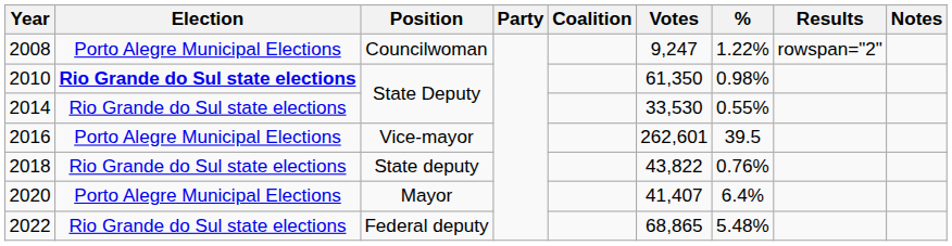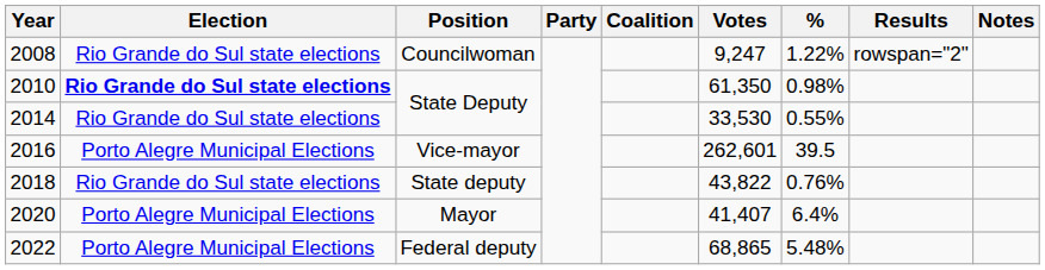 <table class="wikitable" style="text-align:center">
 <tr>
 <th>Year</th>
 <th>Election</th>
 <th>Position</th>
 <th>Party</th>
 <th>Coalition</th>
 <th>Votes</th>
 <th>%</th>
 <th>Results</th>
 <th>Notes</th>
 </tr>
 <tr>
 <td>2008</td>
-<td><a href='#'>Porto Alegre Municipal Elections</a></td>
+<td><a href='#'>Rio Grande do Sul state elections</a></td>
 <td>Councilwoman</td>
 <td rowspan="7"></td>
 <td></td>
 <td>9,247</td>
 <td>1.22%</td>
 <td>rowspan="2" </td>
 <td></td>
 </tr>
 <tr>
 <td>2010</td>
 <td><strong><a href='#'>Rio Grande do Sul state elections</a></strong></td>
 <td rowspan="2">State Deputy</td>
 <td></td>
 <td>61,350</td>
 <td>0.98%</td>
 <td></td>
 </tr>
 <tr>
 <td>2014</td>
 <td><a href='#'>Rio Grande do Sul state elections</a></td>
 <td></td>
 <td>33,530</td>
 <td>0.55%</td>
 <td></td>
 <td></td>
 </tr>
 <tr>
 <td>2016</td>
 <td><a href='#'>Porto Alegre Municipal Elections</a></td>
 <td>Vice-mayor</td>
 <td></td>
 <td>262,601</td>
 <td>39.5</td>
 <td></td>
 <td></td>
 </tr>
 <tr>
 <td>2018</td>
 <td><a href='#'>Rio Grande do Sul state elections</a></td>
 <td>State deputy</td>
 <td></td>
 <td>43,822</td>
 <td>0.76%</td>
 <td></td>
 <td></td>
 </tr>
 <tr>
 <td>2020</td>
 <td><a href='#'>Porto Alegre Municipal Elections</a></td>
 <td>Mayor</td>
 <td></td>
 <td>41,407</td>
 <td>6.4%</td>
 <td></td>
 <td></td>
 </tr>
 <tr>
 <td>2022</td>
-<td><a href='#'>Rio Grande do Sul state elections</a></td>
+<td><a href='#'>Porto Alegre Municipal Elections</a></td>
 <td>Federal deputy</td>
 <td></td>
 <td>68,865</td>
 <td>5.48%</td>
 <td></td>
 <td></td>
 </tr>
 </table>
